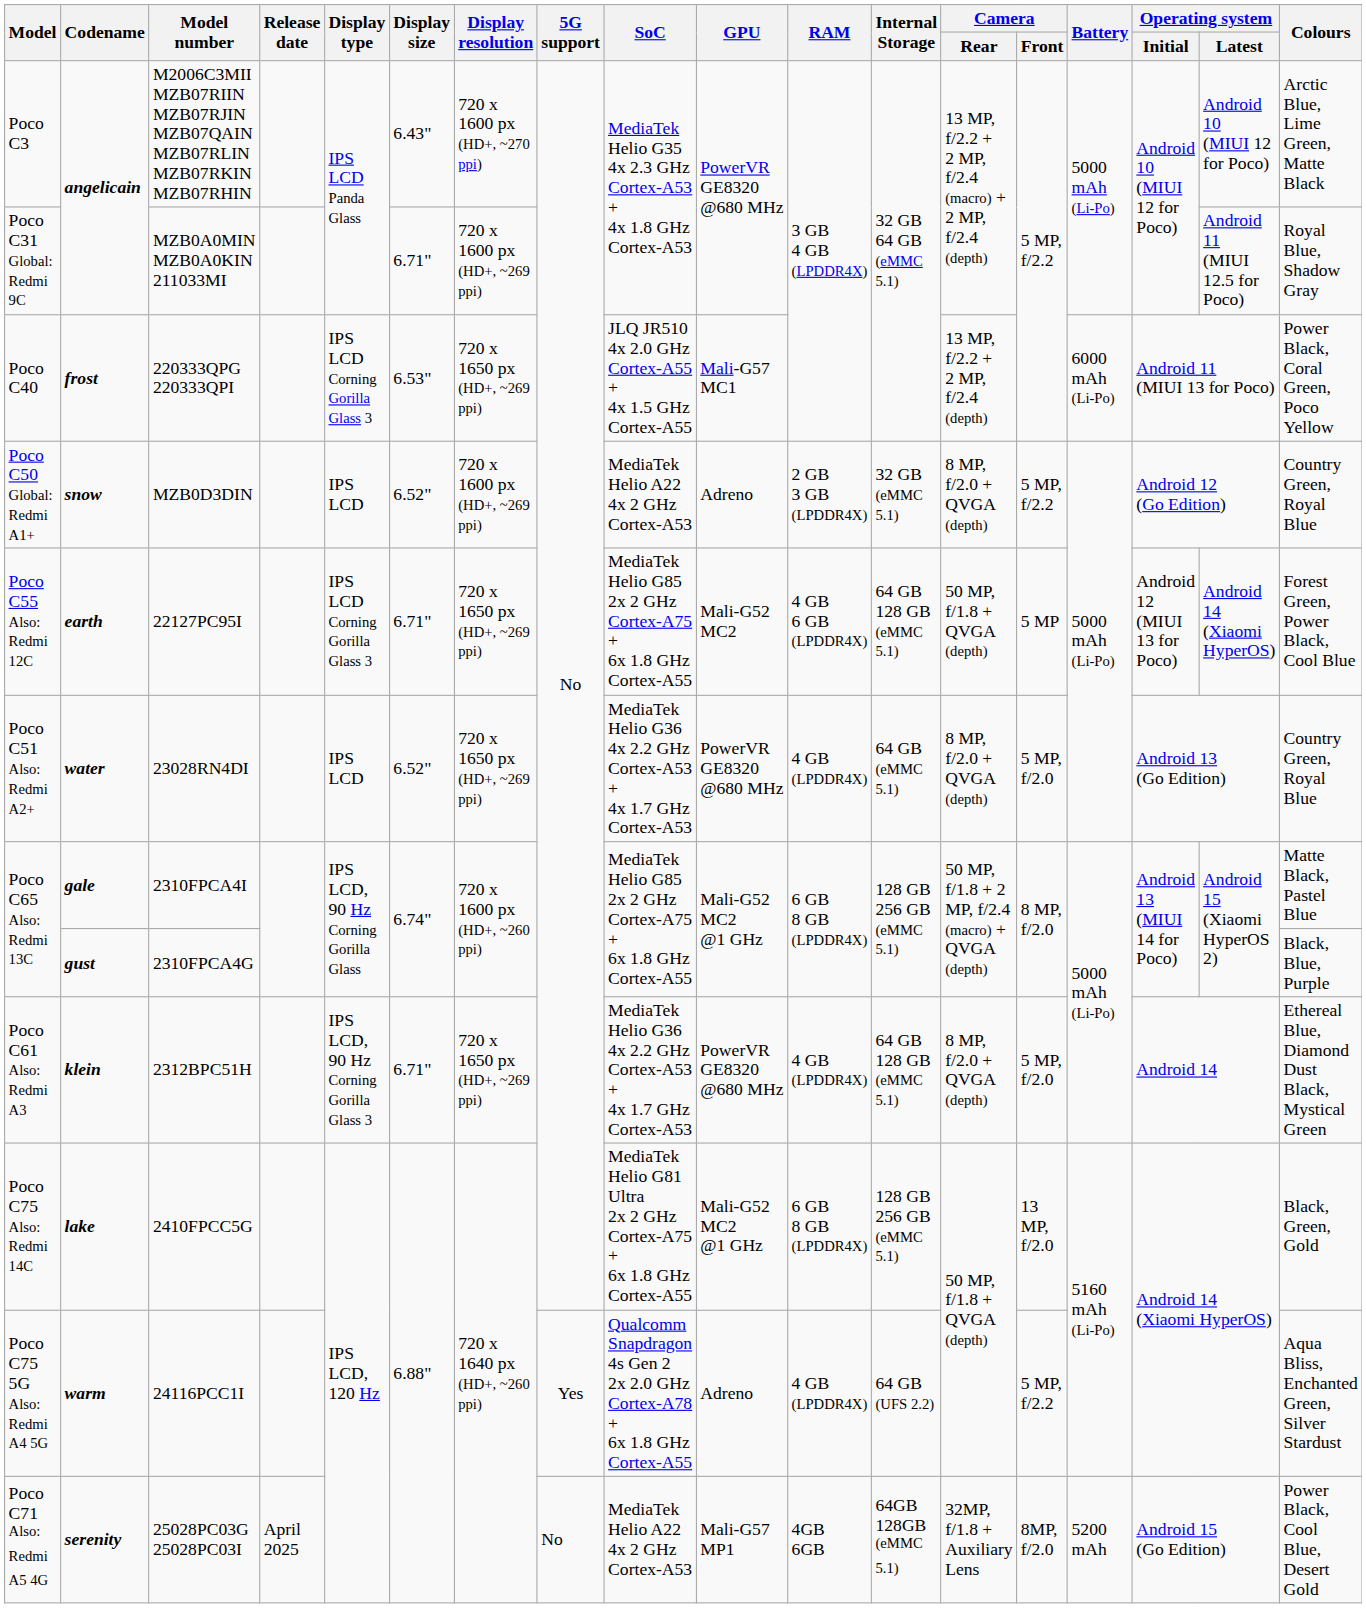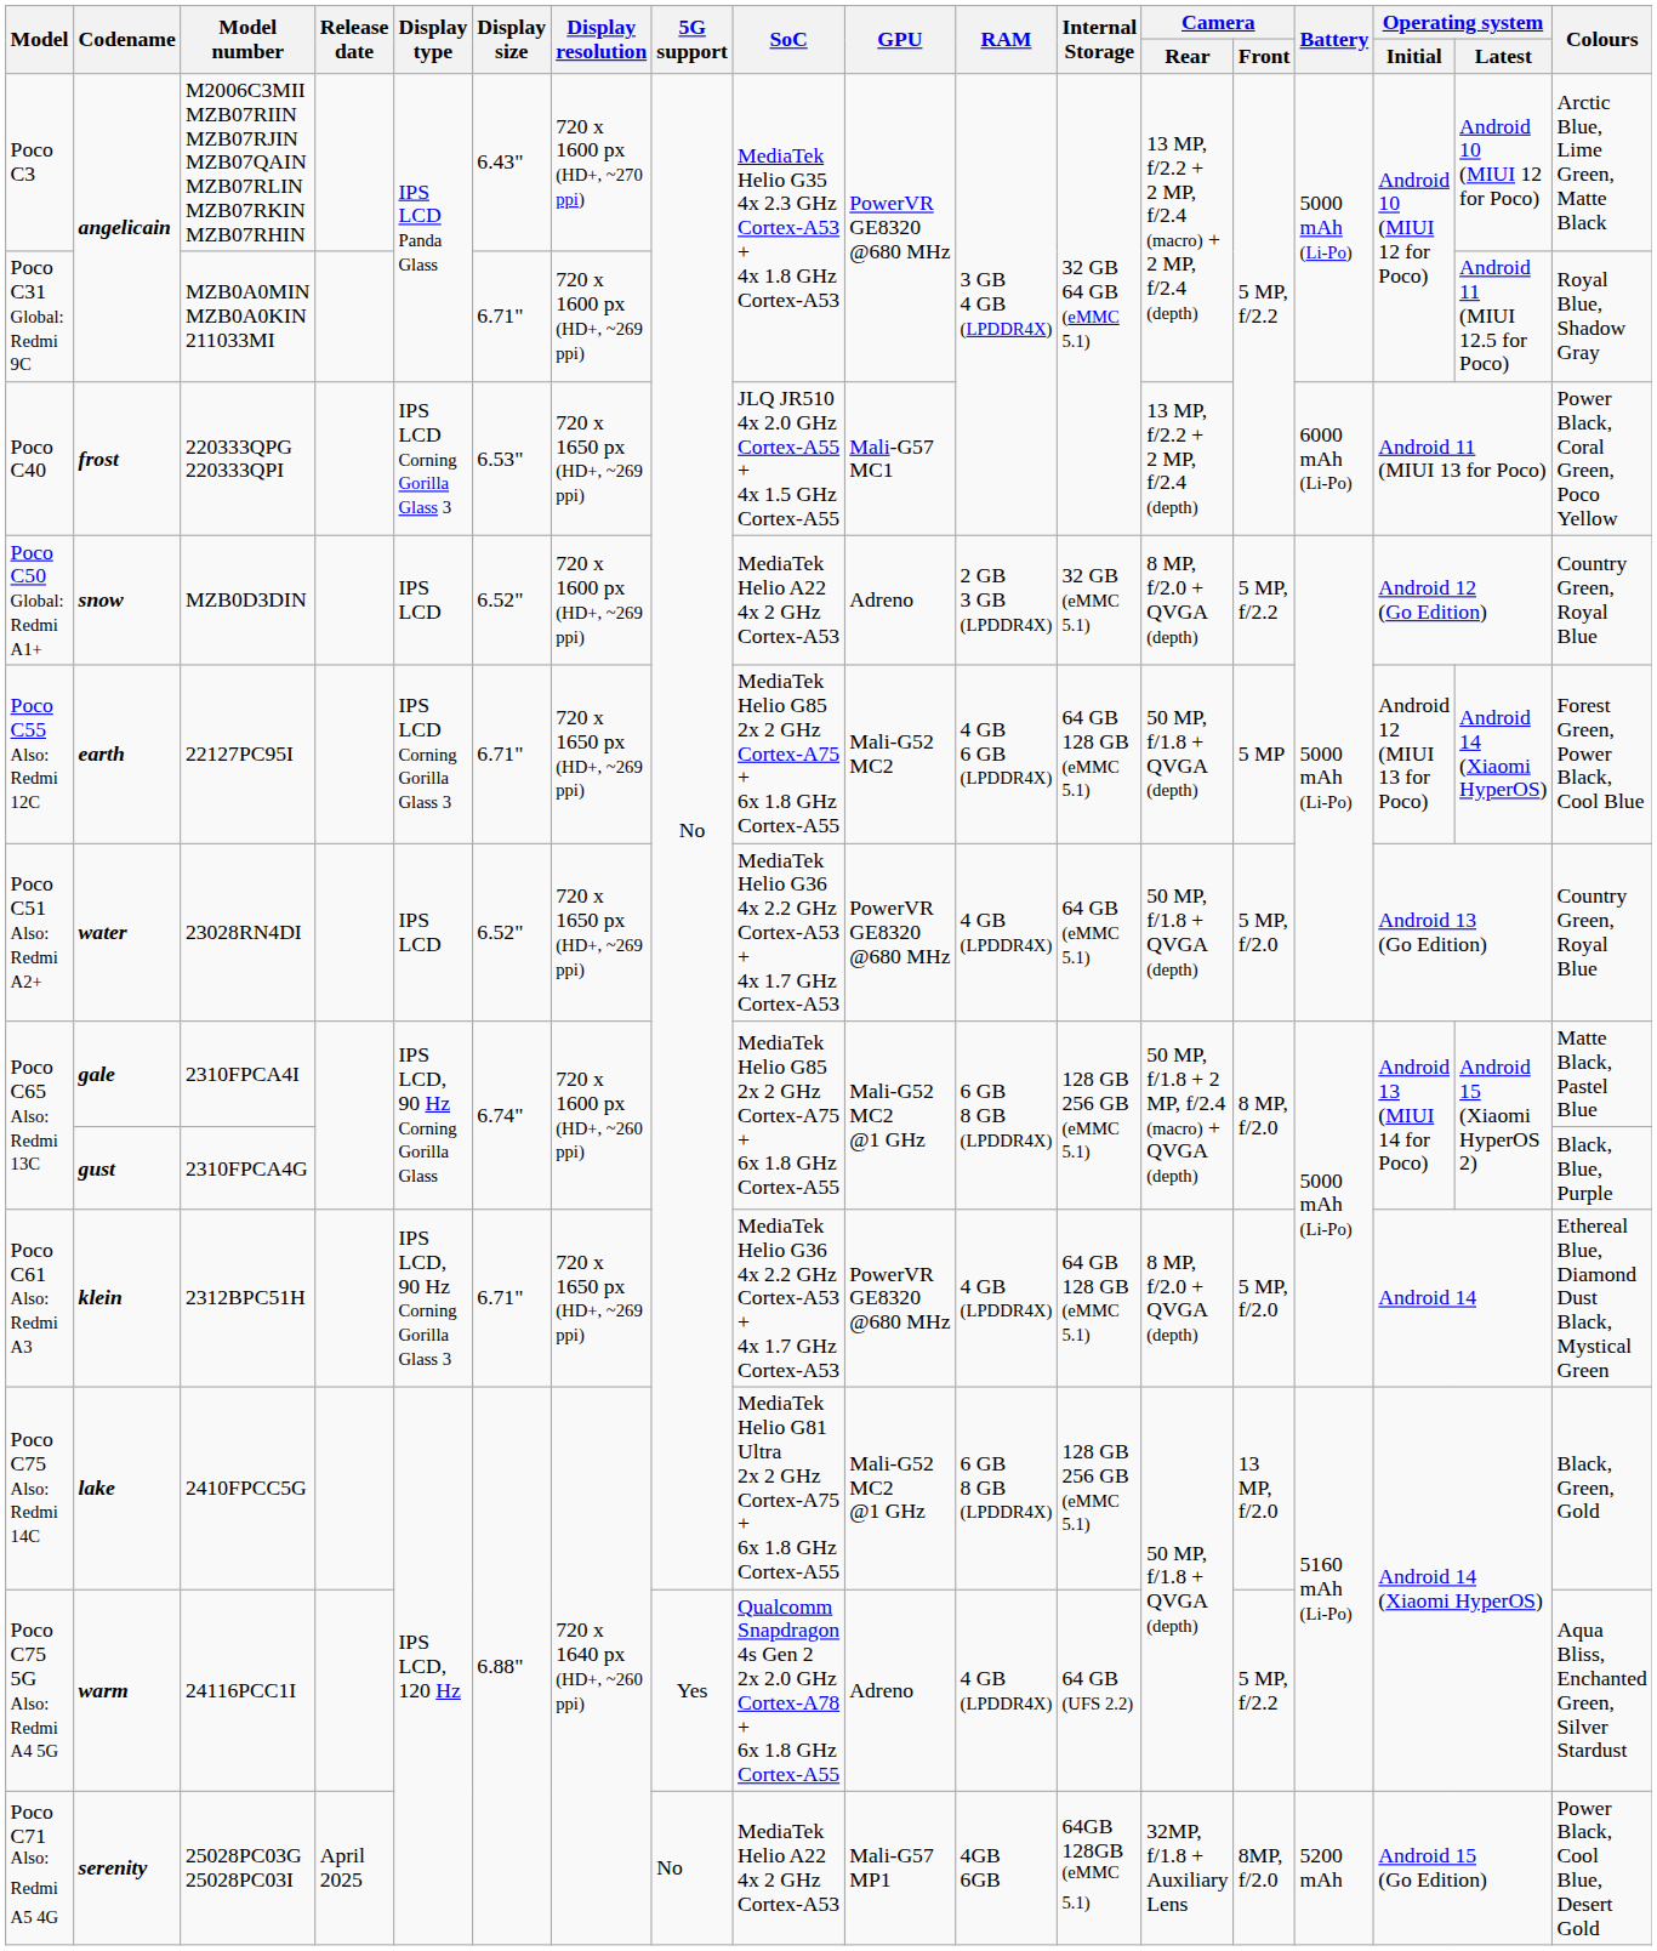 <table class="wikitable sortable">
 <tr>
 <th rowspan="2">Model</th>
 <th rowspan="2">Codename</th>
 <th rowspan="2">Model number</th>
 <th rowspan="2">Release date</th>
 <th rowspan="2">Display type</th>
 <th rowspan="2">Display size</th>
 <th rowspan="2"><a href='#'>Display resolution</a></th>
 <th rowspan="2"><a href='#'>5G</a> support</th>
 <th rowspan="2"><a href='#'>SoC</a></th>
 <th rowspan="2"><a href='#'>GPU</a></th>
 <th rowspan="2"><a href='#'>RAM</a></th>
 <th rowspan="2">Internal Storage</th>
 <th colspan="2"><a href='#'>Camera</a></th>
 <th rowspan="2"><a href='#'>Battery</a></th>
 <th colspan="2"><a href='#'>Operating system</a></th>
 <th rowspan="2">Colours</th>
 </tr>
 <tr>
 <th>Rear</th>
 <th>Front</th>
 <th>Initial</th>
 <th>Latest</th>
 </tr>
 <tr>
 <td>Poco C3</td>
 <td rowspan="2"><strong><em>angelicain</em></strong></td>
 <td>M2006C3MII<br>MZB07RIIN<br>MZB07RJIN<br>MZB07QAIN<br>MZB07RLIN<br>MZB07RKIN<br>MZB07RHIN</td>
 <td></td>
 <td rowspan="2"><a href='#'>IPS LCD</a><br><small>Panda Glass</small></td>
 <td>6.43"</td>
 <td>720 x 1600 px<br><small>(HD+, ~270 <a href='#'>ppi</a>)</small></td>
 <td rowspan="10" style="text-align:center;">No</td>
 <td rowspan="2"><a href='#'>MediaTek</a> Helio G35<br>4x 2.3 GHz <a href='#'>Cortex-A53</a> +<br>4x 1.8 GHz Cortex-A53</td>
 <td rowspan="2"><a href='#'>PowerVR</a> GE8320<br>@680 MHz</td>
 <td rowspan="3">3 GB<br>4 GB<br><small>(<a href='#'>LPDDR4X</a>)</small></td>
 <td rowspan="3">32 GB<br>64 GB<br><small>(<a href='#'>eMMC</a> 5.1)</small></td>
 <td rowspan="2">13 MP, f/2.2 +<br>2 MP, f/2.4 <small>(macro)</small> + 2 MP, f/2.4 <small>(depth)</small></td>
 <td rowspan="3">5 MP, f/2.2</td>
 <td rowspan="2">5000 <a href='#'>mAh</a><br><small>(<a href='#'>Li-Po</a>)</small></td>
 <td rowspan="2"><a href='#'>Android 10</a><br>(<a href='#'>MIUI</a> 12 for Poco)</td>
 <td><a href='#'>Android 10</a><br>(<a href='#'>MIUI</a> 12 for Poco)</td>
 <td>Arctic Blue, Lime Green, Matte Black</td>
 </tr>
 <tr>
 <td>Poco C31 <br><small>Global: Redmi 9C</small></td>
 <td>MZB0A0MIN<br>MZB0A0KIN<br>211033MI</td>
 <td></td>
 <td>6.71"</td>
 <td>720 x 1600 px<br><small>(HD+, ~269 ppi)</small></td>
 <td><a href='#'>Android 11</a><br>(MIUI 12.5 for Poco)</td>
 <td>Royal Blue, Shadow Gray</td>
 </tr>
 <tr>
 <td>Poco C40</td>
 <td><strong><em>frost</em></strong></td>
 <td>220333QPG<br>220333QPI</td>
 <td></td>
 <td>IPS LCD<br><small>Corning <a href='#'>Gorilla Glass</a> 3</small></td>
 <td>6.53"</td>
 <td>720 x 1650 px<br><small>(HD+, ~269 ppi)</small></td>
 <td>JLQ JR510<br>4x 2.0 GHz <a href='#'>Cortex-A55</a> +<br>4x 1.5 GHz Cortex-A55</td>
 <td><a href='#'>Mali</a>-G57 MC1</td>
 <td>13 MP, f/2.2 +<br>2 MP, f/2.4 <small>(depth)</small></td>
 <td>6000 mAh<br><small>(Li-Po)</small></td>
 <td colspan="2"><a href='#'>Android 11</a><br>(MIUI 13 for Poco)</td>
 <td>Power<br>Black, Coral Green, Poco Yellow</td>
 </tr>
 <tr>
 <td><a href='#'>Poco C50</a><br><small>Global: Redmi A1+</small></td>
 <td><strong><em>snow</em></strong></td>
 <td>MZB0D3DIN</td>
 <td></td>
 <td>IPS LCD</td>
 <td>6.52"</td>
 <td>720 x 1600 px<br><small>(HD+, ~269 ppi)</small></td>
 <td>MediaTek Helio A22<br>4x 2 GHz Cortex-A53</td>
 <td>Adreno</td>
 <td>2 GB<br>3 GB<br><small>(LPDDR4X)</small></td>
 <td>32 GB<br><small>(eMMC 5.1)</small></td>
 <td>8 MP, f/2.0 +<br>QVGA <small>(depth)</small></td>
 <td>5 MP, f/2.2</td>
 <td rowspan="3">5000 mAh<br><small>(Li-Po)</small></td>
 <td colspan="2"><a href='#'>Android 12</a><br>(<a href='#'>Go Edition</a>)</td>
 <td>Country Green, Royal Blue</td>
 </tr>
 <tr>
 <td><a href='#'>Poco C55</a><br><small>Also: Redmi 12C</small></td>
 <td><strong><em>earth</em></strong></td>
 <td>22127PC95I</td>
 <td></td>
 <td>IPS LCD<br><small>Corning Gorilla Glass 3</small></td>
 <td>6.71"</td>
 <td>720 x 1650 px<br><small>(HD+, ~269 ppi)</small></td>
 <td>MediaTek Helio G85<br>2x 2 GHz <a href='#'>Cortex-A75</a> +<br>6x 1.8 GHz Cortex-A55</td>
 <td>Mali-G52 MC2</td>
 <td>4 GB<br>6 GB<br><small>(LPDDR4X)</small></td>
 <td>64 GB<br>128 GB<br><small>(eMMC 5.1)</small></td>
 <td>50 MP, f/1.8 +<br>QVGA <small>(depth)</small></td>
 <td>5 MP</td>
 <td>Android 12<br>(MIUI 13 for Poco)</td>
 <td><a href='#'>Android 14</a><br>(<a href='#'>Xiaomi HyperOS</a>)</td>
 <td>Forest Green, Power Black, Cool Blue</td>
 </tr>
 <tr>
 <td>Poco C51<br><small>Also: Redmi A2+</small></td>
 <td><strong><em>water</em></strong></td>
 <td>23028RN4DI</td>
 <td></td>
 <td>IPS LCD</td>
 <td>6.52"</td>
 <td>720 x 1650 px<br><small>(HD+, ~269 ppi)</small></td>
 <td>MediaTek Helio G36<br>4x 2.2 GHz Cortex-A53 +<br>4x 1.7 GHz Cortex-A53</td>
 <td>PowerVR GE8320<br>@680 MHz</td>
 <td>4 GB<br><small>(LPDDR4X)</small></td>
 <td>64 GB<br><small>(eMMC 5.1)</small></td>
-<td>8 MP, f/2.0 +<br>QVGA <small>(depth)</small></td>
+<td>50 MP, f/1.8 +<br>QVGA <small>(depth)</small></td>
 <td>5 MP, f/2.0</td>
 <td colspan="2"><a href='#'>Android 13</a><br>(Go Edition)</td>
 <td>Country Green, Royal Blue</td>
 </tr>
 <tr>
 <td rowspan="2">Poco C65<br><small>Also: Redmi 13C</small></td>
 <td><strong><em>gale</em></strong></td>
 <td>2310FPCA4I</td>
 <td rowspan="2"></td>
 <td rowspan="2">IPS LCD, 90 <a href='#'>Hz</a><br><small>Corning Gorilla Glass</small></td>
 <td rowspan="2">6.74"</td>
 <td rowspan="2">720 x 1600 px<br><small>(HD+, ~260 ppi)</small></td>
 <td rowspan="2">MediaTek Helio G85<br>2x 2 GHz Cortex-A75 +<br>6x 1.8 GHz Cortex-A55</td>
 <td rowspan="2">Mali-G52 MC2<br>@1 GHz</td>
 <td rowspan="2">6 GB<br>8 GB <small>(LPDDR4X)</small></td>
 <td rowspan="2">128 GB<br>256 GB<br><small>(eMMC 5.1)</small></td>
 <td rowspan="2">50 MP, f/1.8 + 2 MP, f/2.4 <small>(macro)</small> +<br>QVGA <small>(depth)</small></td>
 <td rowspan="2">8 MP, f/2.0</td>
 <td rowspan="3">5000 mAh<br><small>(Li-Po)</small></td>
 <td rowspan="2"><a href='#'>Android 13</a><br>(<a href='#'>MIUI</a> 14 for Poco)</td>
 <td rowspan="2"><a href='#'>Android 15</a><br>(Xiaomi HyperOS 2)</td>
 <td>Matte Black, Pastel Blue</td>
 </tr>
 <tr>
 <td><strong><em>gust</em></strong></td>
 <td>2310FPCA4G</td>
 <td>Black, Blue, Purple</td>
 </tr>
 <tr>
 <td>Poco C61<br><small>Also: Redmi A3</small></td>
 <td><strong><em>klein</em></strong></td>
 <td>2312BPC51H</td>
 <td></td>
 <td>IPS LCD, 90 Hz<br><small>Corning Gorilla Glass 3</small></td>
 <td>6.71"</td>
 <td>720 x 1650 px<br><small>(HD+, ~269 ppi)</small></td>
 <td>MediaTek Helio G36<br>4x 2.2 GHz Cortex-A53 +<br>4x 1.7 GHz Cortex-A53</td>
 <td>PowerVR GE8320<br>@680 MHz</td>
 <td>4 GB<br><small>(LPDDR4X)</small></td>
 <td>64 GB<br>128 GB<br><small>(eMMC 5.1)</small></td>
 <td>8 MP, f/2.0 +<br>QVGA <small>(depth)</small></td>
 <td>5 MP, f/2.0</td>
 <td colspan="2"><a href='#'>Android 14</a></td>
 <td>Ethereal Blue, Diamond Dust Black, Mystical Green</td>
 </tr>
 <tr>
 <td>Poco C75<br><small>Also: Redmi 14C</small></td>
 <td><strong><em>lake</em></strong></td>
 <td>2410FPCC5G</td>
 <td></td>
 <td rowspan="3">IPS LCD, 120 <a href='#'>Hz</a></td>
 <td rowspan="3">6.88"</td>
 <td rowspan="3">720 x 1640 px<br><small>(HD+, ~260 ppi)</small></td>
 <td>MediaTek Helio G81 Ultra<br>2x 2 GHz Cortex-A75 +<br>6x 1.8 GHz Cortex-A55</td>
 <td>Mali-G52 MC2<br>@1 GHz</td>
 <td>6 GB<br>8 GB <small>(LPDDR4X)</small></td>
 <td>128 GB<br>256 GB<br><small>(eMMC 5.1)</small></td>
 <td rowspan="2">50 MP, f/1.8 +<br>QVGA <small>(depth)</small></td>
 <td>13 MP, f/2.0</td>
 <td rowspan="2">5160 mAh<br><small>(Li-Po)</small></td>
 <td colspan="2" rowspan="2"><a href='#'>Android 14</a><br>(<a href='#'>Xiaomi HyperOS</a>)</td>
 <td>Black, Green, Gold</td>
 </tr>
 <tr>
 <td>Poco C75 5G<br><small>Also: Redmi A4 5G</small></td>
 <td><strong><em>warm</em></strong></td>
 <td>24116PCC1I</td>
 <td></td>
 <td style="text-align:center;">Yes</td>
 <td><a href='#'>Qualcomm Snapdragon</a> 4s Gen 2<br>2x 2.0 GHz <a href='#'>Cortex-A78</a> +<br>6x 1.8 GHz <a href='#'>Cortex-A55</a></td>
 <td>Adreno</td>
 <td>4 GB<br><small>(LPDDR4X)</small></td>
 <td>64 GB<br><small>(UFS 2.2)</small></td>
 <td>5 MP, f/2.2</td>
 <td>Aqua Bliss,<br>Enchanted Green, Silver Stardust</td>
 </tr>
 <tr>
 <td>Poco C71<br><sup>Also: Redmi A5 4G</sup></td>
 <td><strong><em>serenity</em></strong></td>
 <td>25028PC03G<br>25028PC03I</td>
 <td>April 2025</td>
 <td>No</td>
 <td>MediaTek Helio A22<br>4x 2 GHz Cortex-A53</td>
 <td>Mali-G57<br>MP1</td>
 <td>4GB<br>6GB</td>
 <td>64GB<br>128GB <sup>(eMMC 5.1)</sup></td>
 <td>32MP,<br>f/1.8 + Auxiliary Lens</td>
 <td>8MP,<br>f/2.0</td>
 <td>5200<br>mAh</td>
 <td colspan="2"><a href='#'>Android 15</a><br>(Go Edition)</td>
 <td>Power Black,<br>Cool Blue, Desert Gold</td>
 </tr>
 </table>
